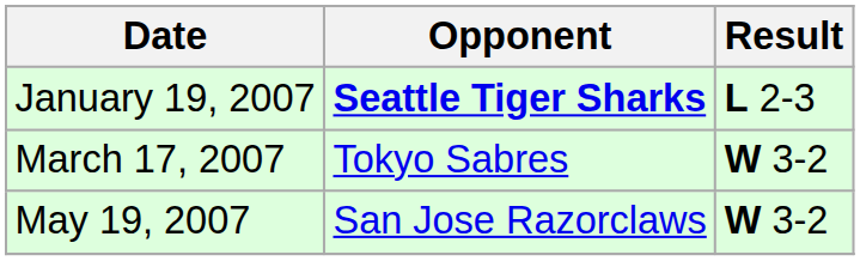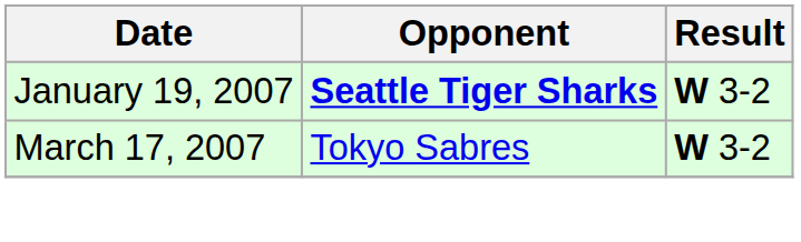 <table class="wikitable">
 <tr>
 <th>Date</th>
 <th>Opponent</th>
 <th>Result</th>
 </tr>
 <tr style="background: #ddffdd;">
 <td>January 19, 2007</td>
 <td><strong><a href='#'>Seattle Tiger Sharks</a></strong></td>
-<td><strong>L</strong> 2-3</td>
+<td><strong>W</strong> 3-2</td>
 </tr>
 <tr style="background: #ddffdd;">
 <td>March 17, 2007</td>
 <td><a href='#'>Tokyo Sabres</a></td>
 <td><strong>W</strong> 3-2</td>
 </tr>
 <tr style="background: #ddffdd;">
-<td>May 19, 2007</td>
-<td><a href='#'>San Jose Razorclaws</a></td>
-<td><strong>W</strong> 3-2</td>
-</tr>
-<tr style="background: #ddffdd;">
 </tr>
 </table>
